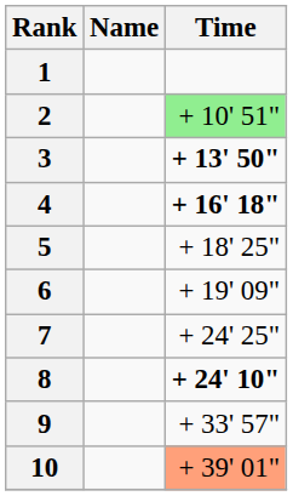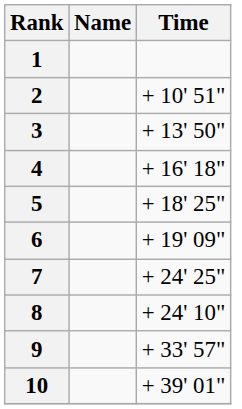 <table class="wikitable">
 <tr>
 <th>Rank</th>
 <th>Name</th>
 <th>Time</th>
 </tr>
 <tr>
 <th style="text-align:center">1</th>
 <td> </td>
 <td align="right"></td>
 </tr>
 <tr>
 <th style="text-align:center">2</th>
 <td></td>
-<td align="right" style="background: lightgreen;">+ 10' 51"</td>
+<td align="right">+ 10' 51"</td>
 </tr>
 <tr>
 <th style="text-align:center">3</th>
 <td></td>
-<td align="right"><strong>+ 13' 50"</strong></td>
+<td align="right">+ 13' 50"</td>
 </tr>
 <tr>
 <th style="text-align:center">4</th>
 <td></td>
-<td align="right"><strong>+ 16' 18"</strong></td>
+<td align="right">+ 16' 18"</td>
 </tr>
 <tr>
 <th style="text-align:center">5</th>
 <td></td>
 <td align="right">+ 18' 25"</td>
 </tr>
 <tr>
 <th style="text-align:center">6</th>
 <td></td>
 <td align="right">+ 19' 09"</td>
 </tr>
 <tr>
 <th style="text-align:center">7</th>
 <td></td>
 <td align="right">+ 24' 25"</td>
 </tr>
 <tr>
 <th style="text-align:center">8</th>
 <td></td>
-<td align="right"><strong>+ 24' 10"</strong></td>
+<td align="right">+ 24' 10"</td>
 </tr>
 <tr>
 <th style="text-align:center">9</th>
 <td></td>
 <td align="right">+ 33' 57"</td>
 </tr>
 <tr>
 <th style="text-align:center">10</th>
 <td></td>
-<td align="right" style="background: lightsalmon;">+ 39' 01"</td>
+<td align="right">+ 39' 01"</td>
 </tr>
 <tr>
 </tr>
 </table>
